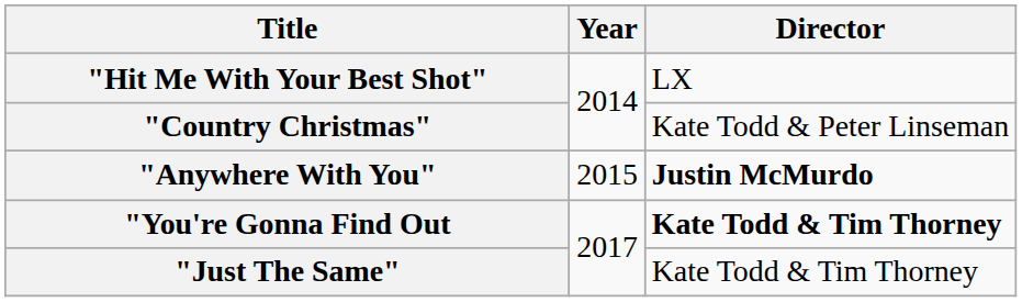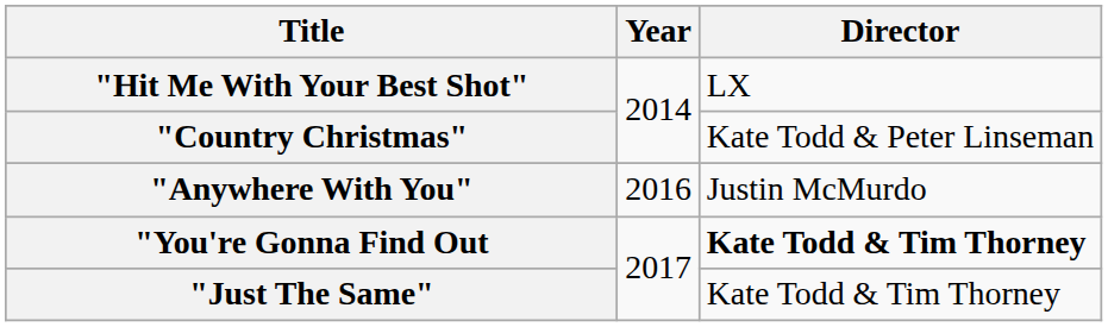 <table class="wikitable plainrowheaders" border="1">
 <tr>
 <th scope="col" style="width:18em;">Title</th>
 <th scope="col">Year</th>
 <th scope="col">Director</th>
 </tr>
 <tr>
 <th scope="row">"Hit Me With Your Best Shot"</th>
 <td rowspan="2">2014</td>
 <td>LX</td>
 </tr>
 <tr>
 <th scope="row">"Country Christmas"</th>
 <td>Kate Todd & Peter Linseman</td>
 </tr>
 <tr>
 <th scope="row">"Anywhere With You"</th>
-<td>2015</td>
-<td><strong>Justin McMurdo</strong></td>
+<td>2016</td>
+<td>Justin McMurdo</td>
 </tr>
 <tr>
 <th scope="row">"You're Gonna Find Out</th>
 <td rowspan="2">2017</td>
 <td><strong>Kate Todd & Tim Thorney</strong></td>
 </tr>
 <tr>
 <th scope="row">"Just The Same"</th>
 <td>Kate Todd & Tim Thorney</td>
 </tr>
 </table>
